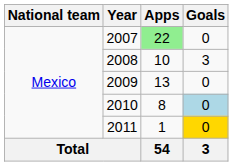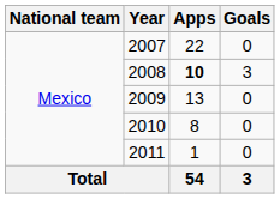 <table class="wikitable" style="text-align: center;">
 <tr>
 <th>National team</th>
 <th>Year</th>
 <th>Apps</th>
 <th>Goals</th>
 </tr>
 <tr>
 <td rowspan="5" valign="center"><a href='#'>Mexico</a></td>
 <td>2007</td>
-<td style="background: lightgreen;">22</td>
+<td>22</td>
 <td>0</td>
 </tr>
 <tr>
 <td>2008</td>
-<td>10</td>
+<td><strong>10</strong></td>
 <td>3</td>
 </tr>
 <tr>
 <td>2009</td>
 <td>13</td>
 <td>0</td>
 </tr>
 <tr>
 <td>2010</td>
 <td>8</td>
-<td style="background: lightblue;">0</td>
+<td>0</td>
 </tr>
 <tr>
 <td>2011</td>
 <td>1</td>
-<td style="background: gold;">0</td>
+<td>0</td>
 </tr>
 <tr>
 <th colspan="2">Total</th>
 <th>54</th>
 <th>3</th>
 </tr>
 </table>
